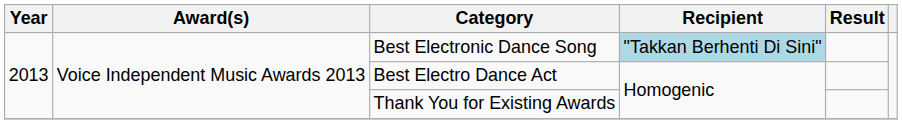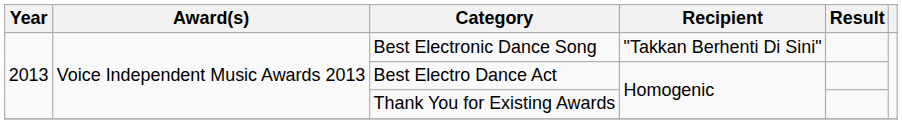 <table class="wikitable">
 <tr>
 <th>Year</th>
 <th>Award(s)</th>
 <th>Category</th>
 <th>Recipient</th>
 <th>Result</th>
 <th></th>
 </tr>
 <tr>
 <td rowspan="3">2013</td>
 <td rowspan="3">Voice Independent Music Awards 2013</td>
 <td>Best Electronic Dance Song</td>
-<td style="background: lightblue;">"Takkan Berhenti Di Sini"</td>
+<td>"Takkan Berhenti Di Sini"</td>
 <td></td>
 <td rowspan="3"></td>
 </tr>
 <tr>
 <td>Best Electro Dance Act</td>
 <td rowspan="2">Homogenic</td>
 <td></td>
 </tr>
 <tr>
 <td>Thank You for Existing Awards</td>
 <td></td>
 </tr>
 <tr>
 </tr>
 </table>
